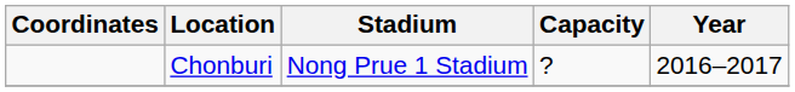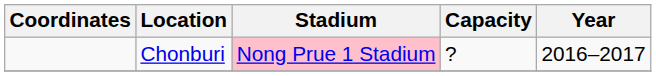 <table class="wikitable sortable">
 <tr>
 <th>Coordinates</th>
 <th>Location</th>
 <th>Stadium</th>
 <th>Capacity</th>
 <th>Year</th>
 </tr>
 <tr>
 <td></td>
 <td><a href='#'>Chonburi</a></td>
-<td><a href='#'>Nong Prue 1 Stadium</a></td>
+<td style="background: pink;"><a href='#'>Nong Prue 1 Stadium</a></td>
 <td>?</td>
 <td>2016–2017</td>
 </tr>
 <tr>
 </tr>
 </table>
